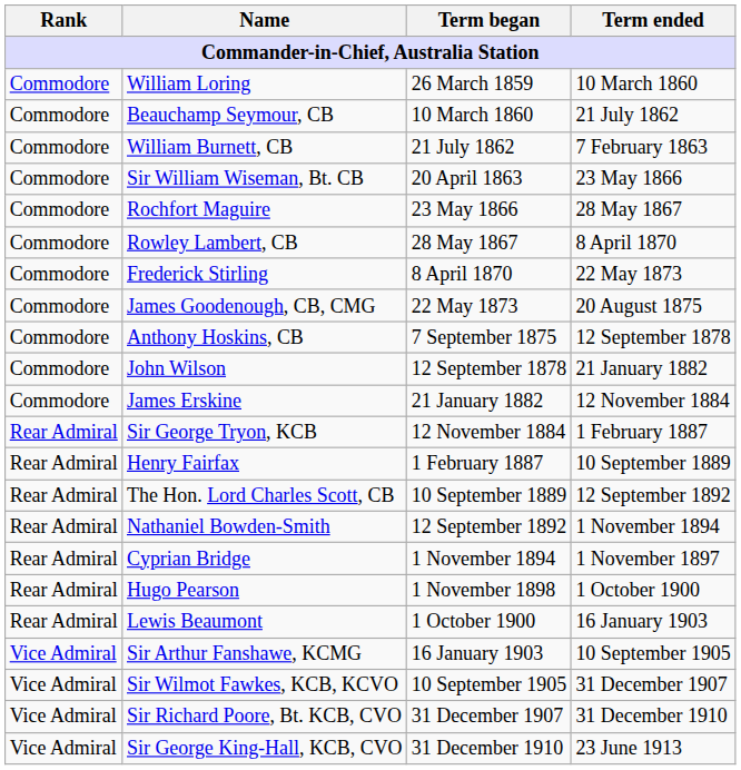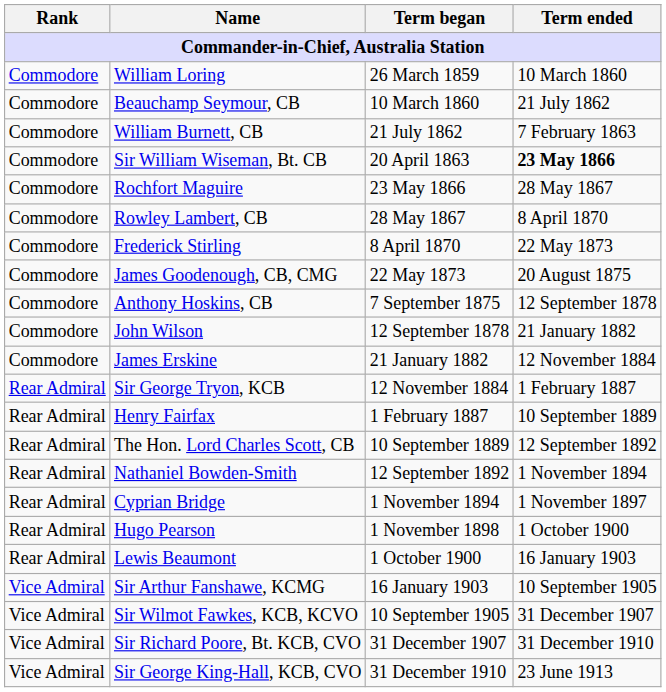 <table class="wikitable">
 <tr>
 <th>Rank</th>
 <th>Name</th>
 <th>Term began</th>
 <th>Term ended</th>
 </tr>
 <tr>
 <td colspan="5" align="center" style="background:#dcdcfe;"><strong>Commander-in-Chief, Australia Station</strong></td>
 </tr>
 <tr>
 <td><a href='#'>Commodore</a></td>
 <td><a href='#'>William Loring</a></td>
 <td>26 March 1859</td>
 <td>10 March 1860</td>
 </tr>
 <tr>
 <td>Commodore</td>
 <td><a href='#'>Beauchamp Seymour</a>, CB</td>
 <td>10 March 1860</td>
 <td>21 July 1862</td>
 </tr>
 <tr>
 <td>Commodore</td>
 <td><a href='#'>William Burnett</a>, CB</td>
 <td>21 July 1862</td>
 <td>7 February 1863</td>
 </tr>
 <tr>
 <td>Commodore</td>
 <td><a href='#'>Sir William Wiseman</a>, Bt. CB</td>
 <td>20 April 1863</td>
-<td>23 May 1866</td>
+<td><strong>23 May 1866</strong></td>
 </tr>
 <tr>
 <td>Commodore</td>
 <td><a href='#'>Rochfort Maguire</a></td>
 <td>23 May 1866</td>
 <td>28 May 1867</td>
 </tr>
 <tr>
 <td>Commodore</td>
 <td><a href='#'>Rowley Lambert</a>, CB</td>
 <td>28 May 1867</td>
 <td>8 April 1870</td>
 </tr>
 <tr>
 <td>Commodore</td>
 <td><a href='#'>Frederick Stirling</a></td>
 <td>8 April 1870</td>
 <td>22 May 1873</td>
 </tr>
 <tr>
 <td>Commodore</td>
 <td><a href='#'>James Goodenough</a>, CB, CMG</td>
 <td>22 May 1873</td>
 <td>20 August 1875</td>
 </tr>
 <tr>
 <td>Commodore</td>
 <td><a href='#'>Anthony Hoskins</a>, CB</td>
 <td>7 September 1875</td>
 <td>12 September 1878</td>
 </tr>
 <tr>
 <td>Commodore</td>
 <td><a href='#'>John Wilson</a></td>
 <td>12 September 1878</td>
 <td>21 January 1882</td>
 </tr>
 <tr>
 <td>Commodore</td>
 <td><a href='#'>James Erskine</a></td>
 <td>21 January 1882</td>
 <td>12 November 1884</td>
 </tr>
 <tr>
 <td><a href='#'>Rear Admiral</a></td>
 <td><a href='#'>Sir George Tryon</a>, KCB</td>
 <td>12 November 1884</td>
 <td>1 February 1887</td>
 </tr>
 <tr>
 <td>Rear Admiral</td>
 <td><a href='#'>Henry Fairfax</a></td>
 <td>1 February 1887</td>
 <td>10 September 1889</td>
 </tr>
 <tr>
 <td>Rear Admiral</td>
 <td>The Hon. <a href='#'>Lord Charles Scott</a>, CB</td>
 <td>10 September 1889</td>
 <td>12 September 1892</td>
 </tr>
 <tr>
 <td>Rear Admiral</td>
 <td><a href='#'>Nathaniel Bowden-Smith</a></td>
 <td>12 September 1892</td>
 <td>1 November 1894</td>
 </tr>
 <tr>
 <td>Rear Admiral</td>
 <td><a href='#'>Cyprian Bridge</a></td>
 <td>1 November 1894</td>
 <td>1 November 1897</td>
 </tr>
 <tr>
 <td>Rear Admiral</td>
 <td><a href='#'>Hugo Pearson</a></td>
 <td>1 November 1898</td>
 <td>1 October 1900</td>
 </tr>
 <tr>
 <td>Rear Admiral</td>
 <td><a href='#'>Lewis Beaumont</a></td>
 <td>1 October 1900</td>
 <td>16 January 1903</td>
 </tr>
 <tr>
 <td><a href='#'>Vice Admiral</a></td>
 <td><a href='#'>Sir Arthur Fanshawe</a>, KCMG</td>
 <td>16 January 1903</td>
 <td>10 September 1905</td>
 </tr>
 <tr>
 <td>Vice Admiral</td>
 <td><a href='#'>Sir Wilmot Fawkes</a>, KCB, KCVO</td>
 <td>10 September 1905</td>
 <td>31 December 1907</td>
 </tr>
 <tr>
 <td>Vice Admiral</td>
 <td><a href='#'>Sir Richard Poore</a>, Bt. KCB, CVO</td>
 <td>31 December 1907</td>
 <td>31 December 1910</td>
 </tr>
 <tr>
 <td>Vice Admiral</td>
 <td><a href='#'>Sir George King-Hall</a>, KCB, CVO</td>
 <td>31 December 1910</td>
 <td>23 June 1913</td>
 </tr>
 </table>
